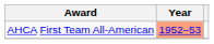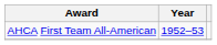 <table class="wikitable">
 <tr>
 <th>Award</th>
 <th>Year</th>
 <th></th>
 </tr>
 <tr>
 <td><a href='#'>AHCA</a> <a href='#'>First Team All-American</a></td>
-<td style="background: lightsalmon;"><a href='#'>1952–53</a></td>
+<td><a href='#'>1952–53</a></td>
 <td></td>
 </tr>
 <tr>
 </tr>
 </table>
